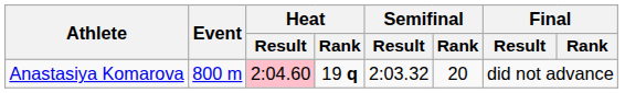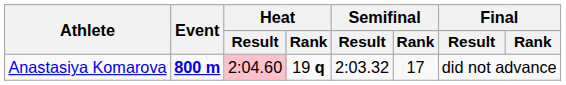 <table class="wikitable" style="font-size:90%">
 <tr>
 <th rowspan=2>Athlete</th>
 <th rowspan=2>Event</th>
 <th colspan=2>Heat</th>
 <th colspan=2>Semifinal</th>
 <th colspan=2>Final</th>
 </tr>
 <tr style="font-size:95%">
 <th>Result</th>
 <th>Rank</th>
 <th>Result</th>
 <th>Rank</th>
 <th>Result</th>
 <th>Rank</th>
 </tr>
 <tr align=center>
 <td align=left><a href='#'>Anastasiya Komarova</a></td>
-<td style="text-align:left;"><a href='#'>800 m</a></td>
+<td style="text-align:left;"><strong><a href='#'>800 m</a></strong></td>
 <td style="background: pink;">2:04.60 <strong></strong></td>
 <td>19 <strong>q</strong></td>
 <td>2:03.32 <strong></strong></td>
-<td>20</td>
+<td>17</td>
 <td colspan=2>did not advance</td>
 </tr>
 </table>
